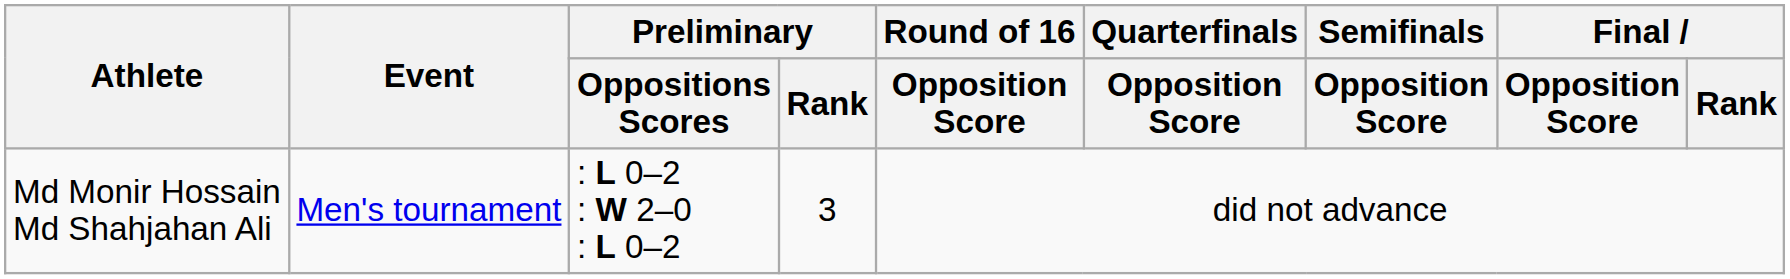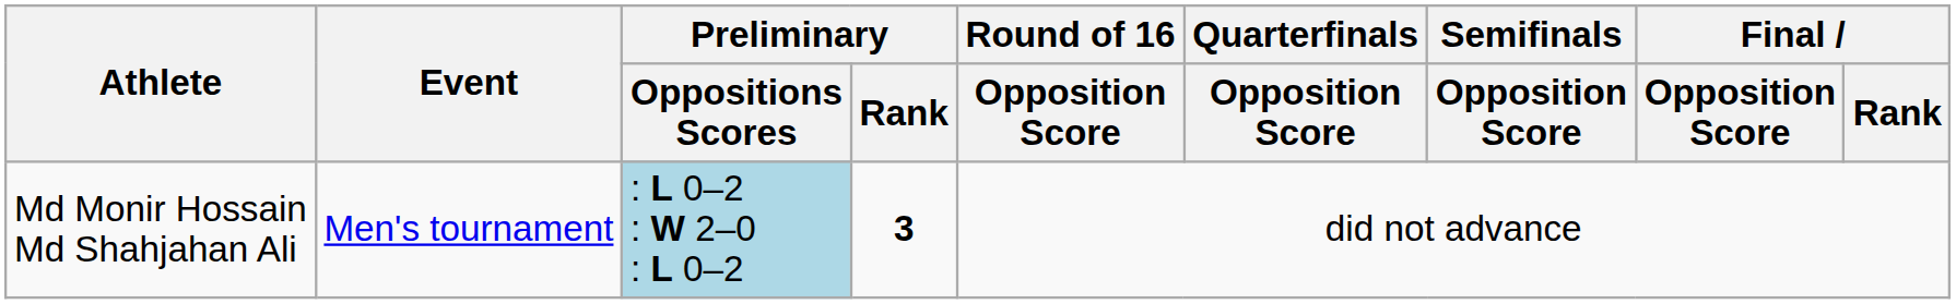 <table class=wikitable style="font-size:90%; text-align:center;">
 <tr>
 <th rowspan=2>Athlete</th>
 <th rowspan=2>Event</th>
 <th colspan=2>Preliminary</th>
 <th>Round of 16</th>
 <th>Quarterfinals</th>
 <th>Semifinals</th>
 <th colspan=2>Final / </th>
 </tr>
 <tr>
 <th>Oppositions<br>Scores</th>
 <th>Rank</th>
 <th>Opposition<br>Score</th>
 <th>Opposition<br>Score</th>
 <th>Opposition<br>Score</th>
 <th>Opposition<br>Score</th>
 <th>Rank</th>
 </tr>
 <tr>
 <td align=left>Md Monir Hossain<br>Md Shahjahan Ali</td>
 <td align=left rowspan=2><a href='#'>Men's tournament</a></td>
-<td align=left>: <strong>L</strong> 0–2<br>: <strong>W</strong> 2–0<br>: <strong>L</strong> 0–2</td>
-<td>3</td>
+<td align=left style="background: lightblue;">: <strong>L</strong> 0–2<br>: <strong>W</strong> 2–0<br>: <strong>L</strong> 0–2</td>
+<td><strong>3</strong></td>
 <td colspan=5>did not advance</td>
 </tr>
 </table>
